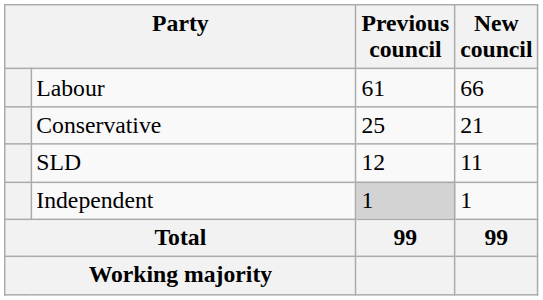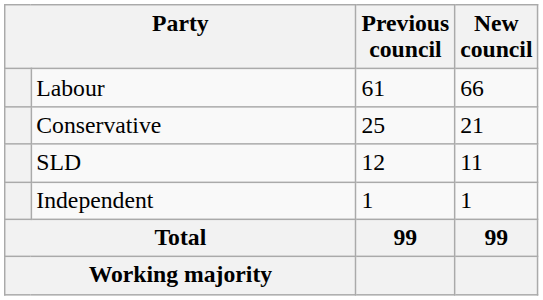 <table class="wikitable">
 <tr>
 <th valign=top colspan="2" style="width: 230px">Party</th>
 <th valign=top style="width: 30px">Previous council</th>
 <th valign=top style="width: 30px">New council</th>
 </tr>
 <tr>
 <th style="background-color: "></th>
 <td>Labour</td>
 <td>61</td>
 <td>66</td>
 </tr>
 <tr>
 <th style="background-color: "></th>
 <td>Conservative</td>
 <td>25</td>
 <td>21</td>
 </tr>
 <tr>
 <th style="background-color: "></th>
 <td>SLD</td>
 <td>12</td>
 <td>11</td>
 </tr>
 <tr>
 <th style="background-color: "></th>
 <td>Independent</td>
-<td style="background: lightgrey;">1</td>
+<td>1</td>
 <td>1</td>
 </tr>
 <tr>
 <th colspan=2>Total</th>
 <th style="text-align: center">99</th>
 <th colspan=3>99</th>
 </tr>
 <tr>
 <th colspan=2>Working majority</th>
 <th></th>
 <th></th>
 </tr>
 </table>
